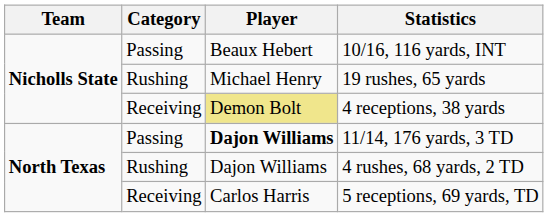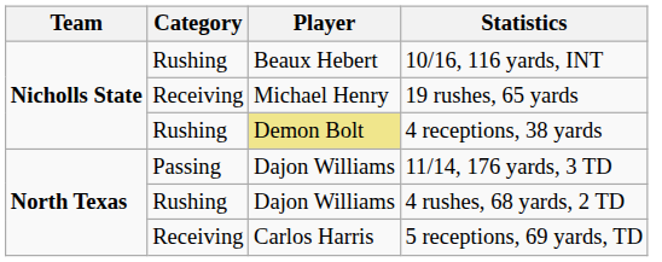 <table class="wikitable" style="float: left;">
 <tr>
 <th>Team</th>
 <th>Category</th>
 <th>Player</th>
 <th>Statistics</th>
 </tr>
 <tr>
 <td rowspan=3><strong>Nicholls State</strong></td>
-<td>Passing</td>
+<td>Rushing</td>
 <td>Beaux Hebert</td>
 <td>10/16, 116 yards, INT</td>
 </tr>
 <tr>
-<td>Rushing</td>
+<td>Receiving</td>
 <td>Michael Henry</td>
 <td>19 rushes, 65 yards</td>
 </tr>
 <tr>
-<td>Receiving</td>
+<td>Rushing</td>
 <td style="background: khaki;">Demon Bolt</td>
 <td>4 receptions, 38 yards</td>
 </tr>
 <tr>
 <td rowspan=3><strong>North Texas</strong></td>
 <td>Passing</td>
-<td><strong>Dajon Williams</strong></td>
+<td>Dajon Williams</td>
 <td>11/14, 176 yards, 3 TD</td>
 </tr>
 <tr>
 <td>Rushing</td>
 <td>Dajon Williams</td>
 <td>4 rushes, 68 yards, 2 TD</td>
 </tr>
 <tr>
 <td>Receiving</td>
 <td>Carlos Harris</td>
 <td>5 receptions, 69 yards, TD</td>
 </tr>
 </table>
